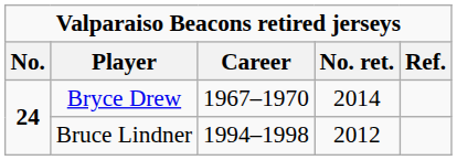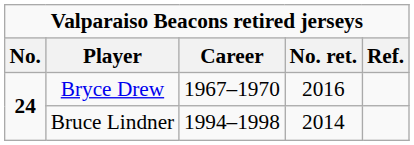 <table class="wikitable" style="text-align:center">
 <tr>
 <td colspan=5><strong>Valparaiso Beacons retired jerseys</strong></td>
 </tr>
 <tr>
 <th style= >No.</th>
 <th style= >Player</th>
 <th style= >Career</th>
 <th style= >No. ret.</th>
 <th style= >Ref.</th>
 </tr>
 <tr>
 <td rowspan=2><strong>24</strong></td>
 <td><a href='#'>Bryce Drew</a></td>
 <td>1967–1970</td>
-<td>2014</td>
+<td>2016</td>
 <td></td>
 </tr>
 <tr>
 <td>Bruce Lindner</td>
 <td>1994–1998</td>
-<td>2012</td>
+<td>2014</td>
 <td></td>
 </tr>
 </table>
